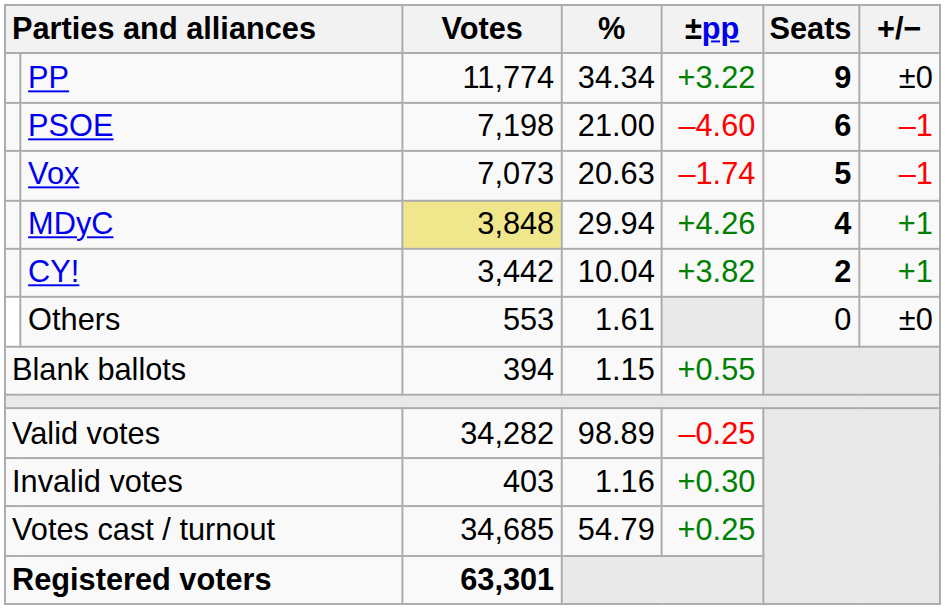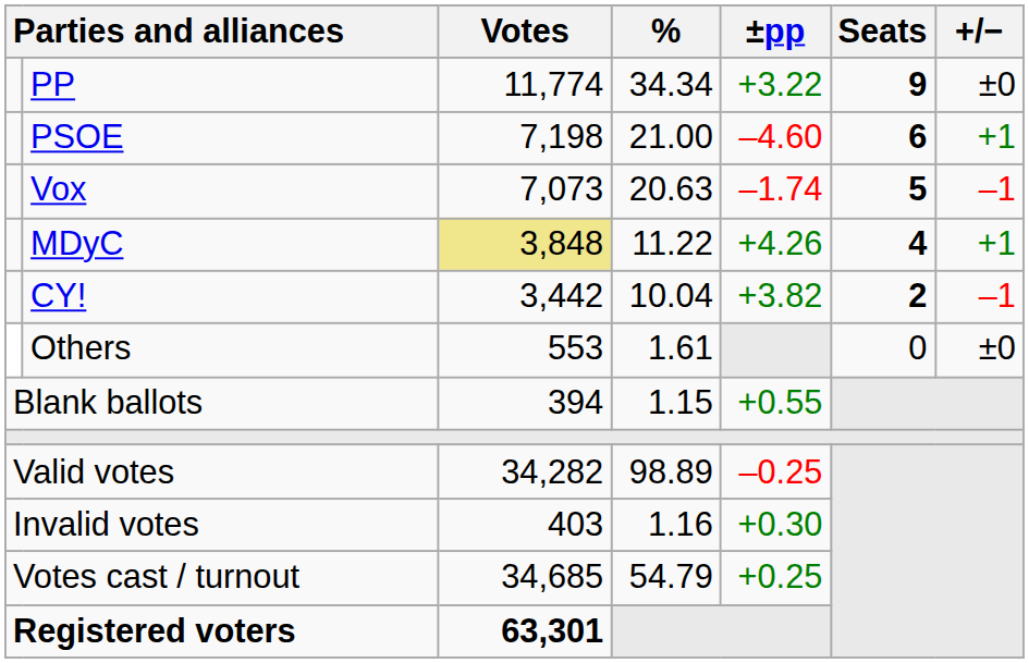 <table class="wikitable" style="text-align:right;">
 <tr>
 <th style="text-align:left;" colspan="2" width="200">Parties and alliances</th>
 <th width="75">Votes</th>
 <th width="45">%</th>
 <th width="45">±<a href='#'>pp</a></th>
 <th width="35">Seats</th>
 <th width="35">+/−</th>
 </tr>
 <tr>
 <td width="1" style="color:inherit;background:"></td>
 <td align="left"><a href='#'>PP</a></td>
 <td>11,774</td>
 <td>34.34</td>
 <td style="color:green;">+3.22</td>
 <td><strong>9</strong></td>
 <td>±0</td>
 </tr>
 <tr>
 <td style="color:inherit;background:"></td>
 <td align="left"><a href='#'>PSOE</a></td>
 <td>7,198</td>
 <td>21.00</td>
 <td style="color:red;">–4.60</td>
 <td><strong>6</strong></td>
-<td style="color:red;">–1</td>
+<td style="color:green;">+1</td>
 </tr>
 <tr>
 <td style="color:inherit;background:"></td>
 <td align="left"><a href='#'>Vox</a></td>
 <td>7,073</td>
 <td>20.63</td>
 <td style="color:red;">–1.74</td>
 <td><strong>5</strong></td>
 <td style="color:red;">–1</td>
 </tr>
 <tr>
 <td style="color:inherit;background:"></td>
 <td align="left"><a href='#'>MDyC</a></td>
 <td style="background: khaki;">3,848</td>
-<td>29.94</td>
+<td>11.22</td>
 <td style="color:green;">+4.26</td>
 <td><strong>4</strong></td>
 <td style="color:green;">+1</td>
 </tr>
 <tr>
 <td style="color:inherit;background:"></td>
 <td align="left"><a href='#'>CY!</a></td>
 <td>3,442</td>
 <td>10.04</td>
 <td style="color:green;">+3.82</td>
 <td><strong>2</strong></td>
-<td style="color:green;">+1</td>
+<td style="color:red;">–1</td>
 </tr>
 <tr>
 <td bgcolor="white"></td>
 <td align="left">Others</td>
 <td>553</td>
 <td>1.61</td>
 <td bgcolor="#E9E9E9"></td>
 <td>0</td>
 <td>±0</td>
 </tr>
 <tr>
 <td align="left" colspan="2">Blank ballots</td>
 <td>394</td>
 <td>1.15</td>
 <td style="color:green;">+0.55</td>
 <td bgcolor="#E9E9E9" colspan="2"></td>
 </tr>
 <tr>
 <td colspan="7" bgcolor="#E9E9E9"></td>
 </tr>
 <tr>
 <td align="left" colspan="2">Valid votes</td>
 <td>34,282</td>
 <td>98.89</td>
 <td style="color:red;">–0.25</td>
 <td bgcolor="#E9E9E9" colspan="2" rowspan="4"></td>
 </tr>
 <tr>
 <td align="left" colspan="2">Invalid votes</td>
 <td>403</td>
 <td>1.16</td>
 <td style="color:green;">+0.30</td>
 </tr>
 <tr>
 <td align="left" colspan="2">Votes cast / turnout</td>
 <td>34,685</td>
 <td>54.79</td>
 <td style="color:green;">+0.25</td>
 </tr>
 <tr style="font-weight:bold;">
 <td align="left" colspan="2">Registered voters</td>
 <td>63,301</td>
 <td bgcolor="#E9E9E9" colspan="2"></td>
 </tr>
 </table>
